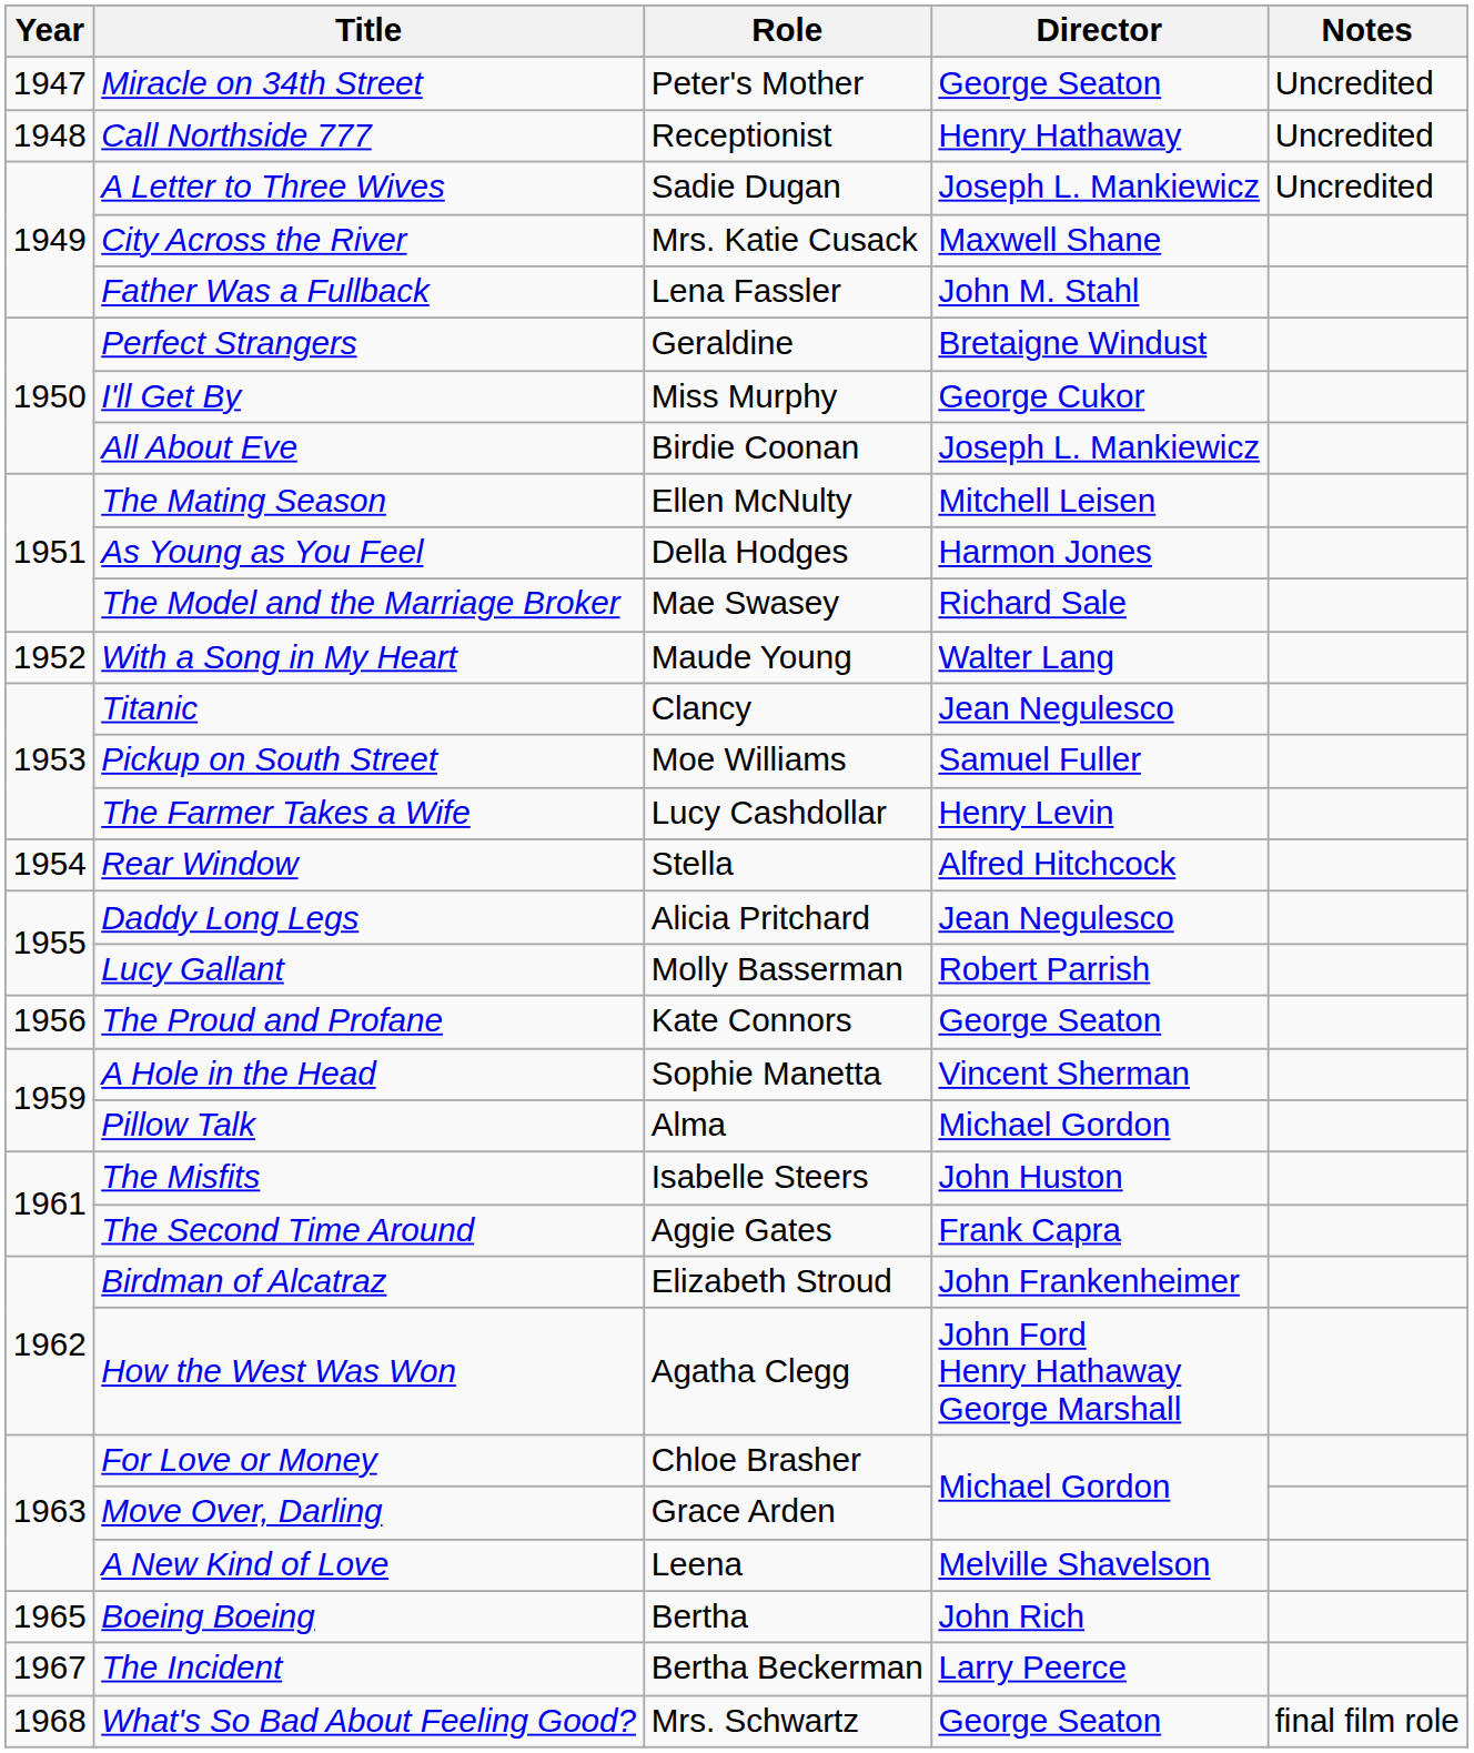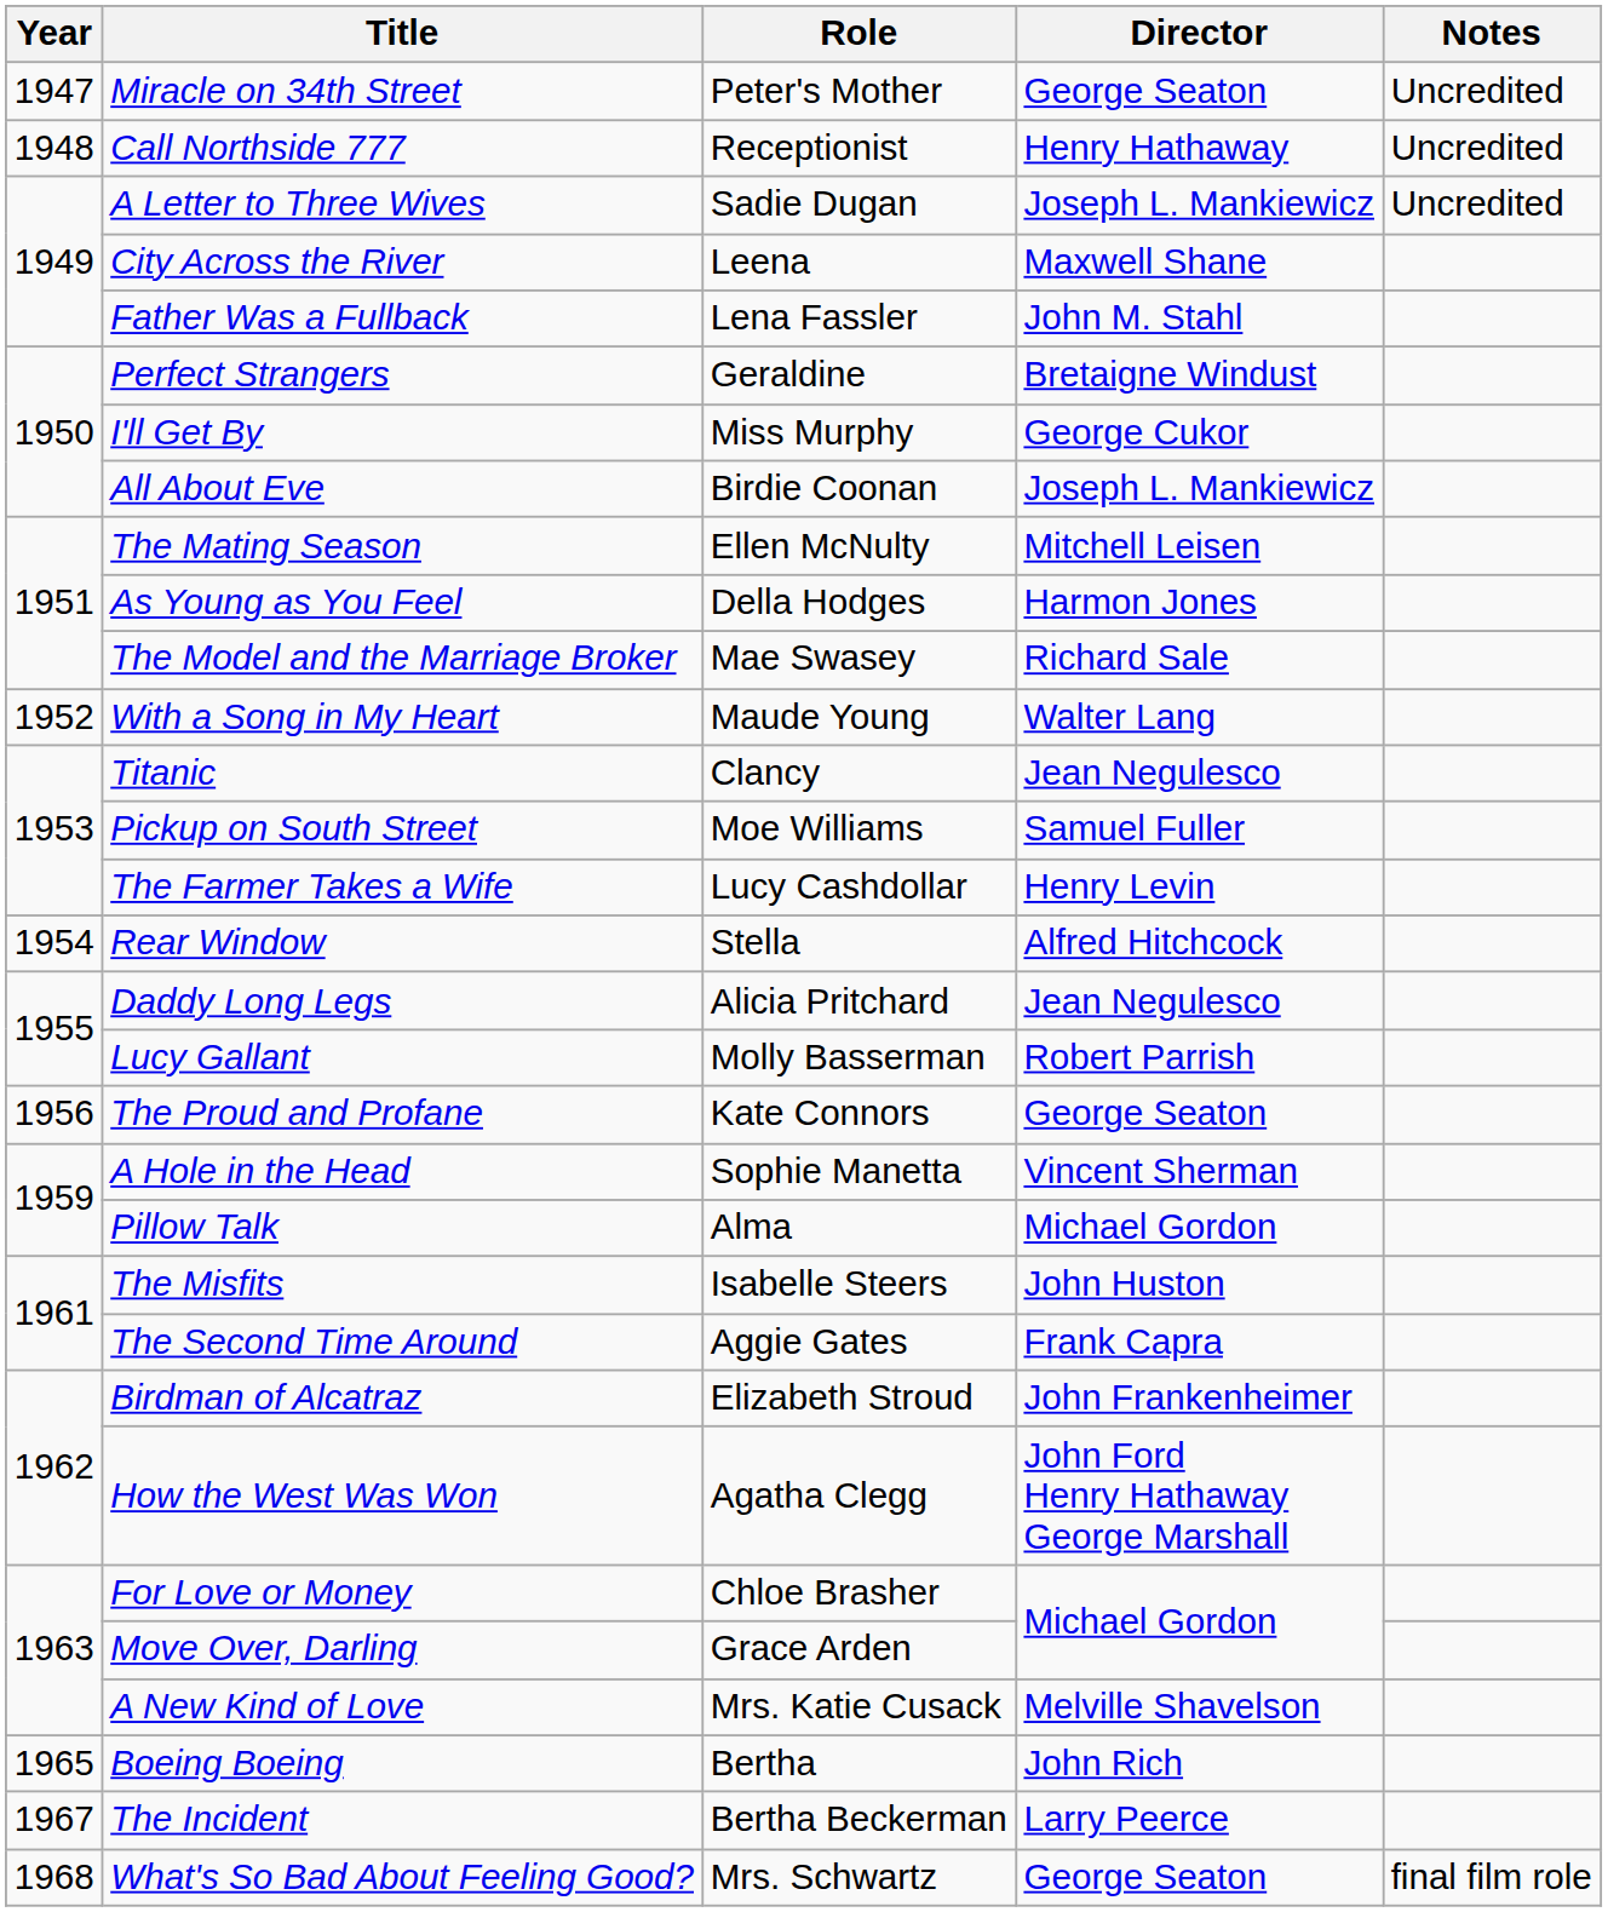 <table class="wikitable sortable">
 <tr>
 <th>Year</th>
 <th>Title</th>
 <th>Role</th>
 <th>Director</th>
 <th class="unsortable">Notes</th>
 </tr>
 <tr>
 <td>1947</td>
 <td><em><a href='#'>Miracle on 34th Street</a></em></td>
 <td>Peter's Mother</td>
 <td><a href='#'>George Seaton</a></td>
 <td>Uncredited</td>
 </tr>
 <tr>
 <td>1948</td>
 <td><em><a href='#'>Call Northside 777</a></em></td>
 <td>Receptionist</td>
 <td><a href='#'>Henry Hathaway</a></td>
 <td>Uncredited</td>
 </tr>
 <tr>
 <td rowspan="3">1949</td>
 <td><em><a href='#'>A Letter to Three Wives</a></em></td>
 <td>Sadie Dugan</td>
 <td><a href='#'>Joseph L. Mankiewicz</a></td>
 <td>Uncredited</td>
 </tr>
 <tr>
 <td><em><a href='#'>City Across the River</a></em></td>
-<td>Mrs. Katie Cusack</td>
+<td>Leena</td>
 <td><a href='#'>Maxwell Shane</a></td>
 <td></td>
 </tr>
 <tr>
 <td><em><a href='#'>Father Was a Fullback</a></em></td>
 <td>Lena Fassler</td>
 <td><a href='#'>John M. Stahl</a></td>
 <td></td>
 </tr>
 <tr>
 <td rowspan="3">1950</td>
 <td><em><a href='#'>Perfect Strangers</a></em></td>
 <td>Geraldine</td>
 <td><a href='#'>Bretaigne Windust</a></td>
 <td></td>
 </tr>
 <tr>
 <td><em><a href='#'>I'll Get By</a></em></td>
 <td>Miss Murphy</td>
 <td><a href='#'>George Cukor</a></td>
 <td></td>
 </tr>
 <tr>
 <td><em><a href='#'>All About Eve</a></em></td>
 <td>Birdie Coonan</td>
 <td><a href='#'>Joseph L. Mankiewicz</a></td>
 <td></td>
 </tr>
 <tr>
 <td rowspan="3">1951</td>
 <td><em><a href='#'>The Mating Season</a></em></td>
 <td>Ellen McNulty</td>
 <td><a href='#'>Mitchell Leisen</a></td>
 <td></td>
 </tr>
 <tr>
 <td><em><a href='#'>As Young as You Feel</a></em></td>
 <td>Della Hodges</td>
 <td><a href='#'>Harmon Jones</a></td>
 <td></td>
 </tr>
 <tr>
 <td><em><a href='#'>The Model and the Marriage Broker</a></em></td>
 <td>Mae Swasey</td>
 <td><a href='#'>Richard Sale</a></td>
 <td></td>
 </tr>
 <tr>
 <td>1952</td>
 <td><em><a href='#'>With a Song in My Heart</a></em></td>
 <td>Maude Young</td>
 <td><a href='#'>Walter Lang</a></td>
 <td></td>
 </tr>
 <tr>
 <td rowspan="3">1953</td>
 <td><em><a href='#'>Titanic</a></em></td>
 <td>Clancy</td>
 <td><a href='#'>Jean Negulesco</a></td>
 <td></td>
 </tr>
 <tr>
 <td><em><a href='#'>Pickup on South Street</a></em></td>
 <td>Moe Williams</td>
 <td><a href='#'>Samuel Fuller</a></td>
 <td></td>
 </tr>
 <tr>
 <td><em><a href='#'>The Farmer Takes a Wife</a></em></td>
 <td>Lucy Cashdollar</td>
 <td><a href='#'>Henry Levin</a></td>
 <td></td>
 </tr>
 <tr>
 <td>1954</td>
 <td><em><a href='#'>Rear Window</a></em></td>
 <td>Stella</td>
 <td><a href='#'>Alfred Hitchcock</a></td>
 <td></td>
 </tr>
 <tr>
 <td rowspan="2">1955</td>
 <td><em><a href='#'>Daddy Long Legs</a></em></td>
 <td>Alicia Pritchard</td>
 <td><a href='#'>Jean Negulesco</a></td>
 <td></td>
 </tr>
 <tr>
 <td><em><a href='#'>Lucy Gallant</a></em></td>
 <td>Molly Basserman</td>
 <td><a href='#'>Robert Parrish</a></td>
 <td></td>
 </tr>
 <tr>
 <td>1956</td>
 <td><em><a href='#'>The Proud and Profane</a></em></td>
 <td>Kate Connors</td>
 <td><a href='#'>George Seaton</a></td>
 <td></td>
 </tr>
 <tr>
 <td rowspan="2">1959</td>
 <td><em><a href='#'>A Hole in the Head</a></em></td>
 <td>Sophie Manetta</td>
 <td><a href='#'>Vincent Sherman</a></td>
 <td></td>
 </tr>
 <tr>
 <td><em><a href='#'>Pillow Talk</a></em></td>
 <td>Alma</td>
 <td><a href='#'>Michael Gordon</a></td>
 <td></td>
 </tr>
 <tr>
 <td rowspan="2">1961</td>
 <td><em><a href='#'>The Misfits</a></em></td>
 <td>Isabelle Steers</td>
 <td><a href='#'>John Huston</a></td>
 <td></td>
 </tr>
 <tr>
 <td><em><a href='#'>The Second Time Around</a></em></td>
 <td>Aggie Gates</td>
 <td><a href='#'>Frank Capra</a></td>
 <td></td>
 </tr>
 <tr>
 <td rowspan="2">1962</td>
 <td><em><a href='#'>Birdman of Alcatraz</a></em></td>
 <td>Elizabeth Stroud</td>
 <td><a href='#'>John Frankenheimer</a></td>
 <td></td>
 </tr>
 <tr>
 <td><em><a href='#'>How the West Was Won</a></em></td>
 <td>Agatha Clegg</td>
 <td><a href='#'>John Ford</a> <br> <a href='#'>Henry Hathaway</a> <br> <a href='#'>George Marshall</a></td>
 <td></td>
 </tr>
 <tr>
 <td rowspan="3">1963</td>
 <td><em><a href='#'>For Love or Money</a></em></td>
 <td>Chloe Brasher</td>
 <td rowspan=2><a href='#'>Michael Gordon</a></td>
 <td></td>
 </tr>
 <tr>
 <td><em><a href='#'>Move Over, Darling</a></em></td>
 <td>Grace Arden</td>
 <td></td>
 </tr>
 <tr>
 <td><em><a href='#'>A New Kind of Love</a></em></td>
-<td>Leena</td>
+<td>Mrs. Katie Cusack</td>
 <td><a href='#'>Melville Shavelson</a></td>
 <td></td>
 </tr>
 <tr>
 <td>1965</td>
 <td><em><a href='#'>Boeing Boeing</a></em></td>
 <td>Bertha</td>
 <td><a href='#'>John Rich</a></td>
 <td></td>
 </tr>
 <tr>
 <td>1967</td>
 <td><em><a href='#'>The Incident</a></em></td>
 <td>Bertha Beckerman</td>
 <td><a href='#'>Larry Peerce</a></td>
 <td></td>
 </tr>
 <tr>
 <td>1968</td>
 <td><em><a href='#'>What's So Bad About Feeling Good?</a></em></td>
 <td>Mrs. Schwartz</td>
 <td><a href='#'>George Seaton</a></td>
 <td>final film role</td>
 </tr>
 </table>
